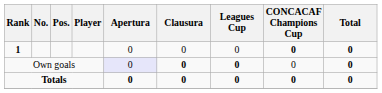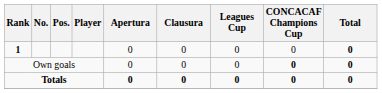 <table class="wikitable sortable alternance" style="text-align:center">
 <tr>
 <th>Rank</th>
 <th>No.</th>
 <th>Pos.</th>
 <th>Player</th>
 <th width="80">Apertura</th>
 <th width="80">Clausura</th>
 <th width="80">Leagues Cup</th>
 <th width="80">CONCACAF Champions Cup</th>
 <th width="80">Total</th>
 </tr>
 <tr>
 <td><strong>1</strong></td>
 <td></td>
 <td></td>
 <td></td>
 <td>0</td>
 <td>0</td>
 <td>0</td>
-<td><strong>0</strong></td>
+<td>0</td>
 <td><strong>0</strong></td>
 </tr>
 <tr>
 <td colspan="4">Own goals</td>
-<td style="background: lavender;">0</td>
+<td>0</td>
+<td>0</td>
+<td>0</td>
 <td><strong>0</strong></td>
-<td><strong>0</strong></td>
-<td>0</td>
 <td><strong>0</strong></td>
 </tr>
 <tr class="sortbottom">
 <td colspan="4"><strong>Totals</strong></td>
 <td><strong>0</strong></td>
 <td><strong>0</strong></td>
 <td><strong>0</strong></td>
 <td><strong>0</strong></td>
 <td><strong>0</strong></td>
 </tr>
 <tr>
 </tr>
 </table>
